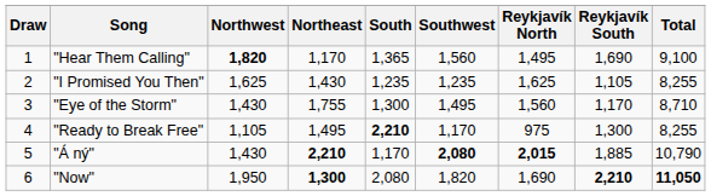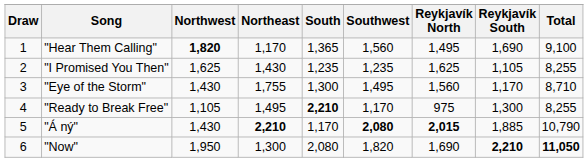 <table class="wikitable collapsible" style="margin: 1em auto 1em auto; text-align:center;">
 <tr>
 </tr>
 <tr>
 <th>Draw</th>
 <th>Song</th>
 <th>Northwest</th>
 <th>Northeast</th>
 <th>South</th>
 <th>Southwest</th>
 <th>Reykjavík<br>North</th>
 <th>Reykjavík<br>South</th>
 <th>Total</th>
 </tr>
 <tr>
 <td>1</td>
 <td align="left">"Hear Them Calling"</td>
 <td><strong>1,820</strong></td>
 <td>1,170</td>
 <td>1,365</td>
 <td>1,560</td>
 <td>1,495</td>
 <td>1,690</td>
 <td>9,100</td>
 </tr>
 <tr>
 <td>2</td>
 <td align="left">"I Promised You Then"</td>
 <td>1,625</td>
 <td>1,430</td>
 <td>1,235</td>
 <td>1,235</td>
 <td>1,625</td>
 <td>1,105</td>
 <td>8,255</td>
 </tr>
 <tr>
 <td>3</td>
 <td align="left">"Eye of the Storm"</td>
 <td>1,430</td>
 <td>1,755</td>
 <td>1,300</td>
 <td>1,495</td>
 <td>1,560</td>
 <td>1,170</td>
 <td>8,710</td>
 </tr>
 <tr>
 <td>4</td>
 <td align="left">"Ready to Break Free"</td>
 <td>1,105</td>
 <td>1,495</td>
 <td><strong>2,210</strong></td>
 <td>1,170</td>
 <td>975</td>
 <td>1,300</td>
 <td>8,255</td>
 </tr>
 <tr>
 <td>5</td>
 <td align="left">"Á ný"</td>
 <td>1,430</td>
 <td><strong>2,210</strong></td>
 <td>1,170</td>
 <td><strong>2,080</strong></td>
 <td><strong>2,015</strong></td>
 <td>1,885</td>
 <td>10,790</td>
 </tr>
 <tr>
 <td>6</td>
 <td align="left">"Now"</td>
 <td>1,950</td>
-<td><strong>1,300</strong></td>
+<td>1,300</td>
 <td>2,080</td>
 <td>1,820</td>
 <td>1,690</td>
 <td><strong>2,210</strong></td>
 <td><strong>11,050</strong></td>
 </tr>
 </table>
